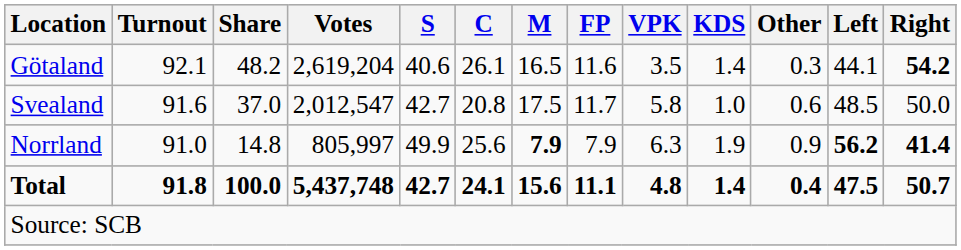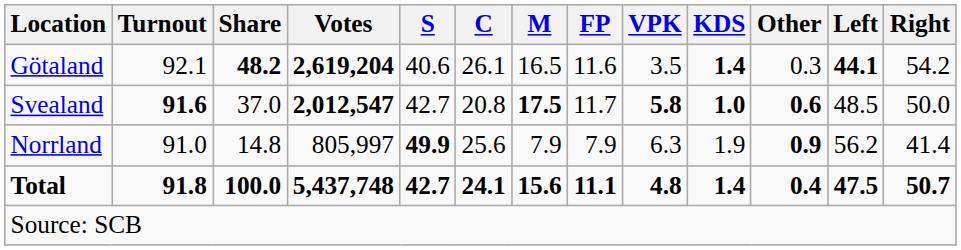 <table class="wikitable sortable" style=text-align:right>
 <tr>
 <th>Location</th>
 <th>Turnout</th>
 <th>Share</th>
 <th>Votes</th>
 <th><a href='#'>S</a></th>
 <th><a href='#'>C</a></th>
 <th><a href='#'>M</a></th>
 <th><a href='#'>FP</a></th>
 <th><a href='#'>VPK</a></th>
 <th><a href='#'>KDS</a></th>
 <th>Other</th>
 <th>Left</th>
 <th>Right</th>
 </tr>
 <tr>
 <td align=left><a href='#'>Götaland</a></td>
 <td>92.1</td>
-<td>48.2</td>
-<td>2,619,204</td>
+<td><strong>48.2</strong></td>
+<td><strong>2,619,204</strong></td>
 <td>40.6</td>
 <td>26.1</td>
 <td>16.5</td>
 <td>11.6</td>
 <td>3.5</td>
-<td>1.4</td>
+<td><strong>1.4</strong></td>
 <td>0.3</td>
-<td>44.1</td>
-<td><strong>54.2</strong></td>
+<td><strong>44.1</strong></td>
+<td>54.2</td>
 </tr>
 <tr>
 <td align=left><a href='#'>Svealand</a></td>
-<td>91.6</td>
+<td><strong>91.6</strong></td>
 <td>37.0</td>
-<td>2,012,547</td>
+<td><strong>2,012,547</strong></td>
 <td>42.7</td>
 <td>20.8</td>
-<td>17.5</td>
+<td><strong>17.5</strong></td>
 <td>11.7</td>
-<td>5.8</td>
-<td>1.0</td>
-<td>0.6</td>
+<td><strong>5.8</strong></td>
+<td><strong>1.0</strong></td>
+<td><strong>0.6</strong></td>
 <td>48.5</td>
 <td>50.0</td>
 </tr>
 <tr>
 <td align=left><a href='#'>Norrland</a></td>
 <td>91.0</td>
 <td>14.8</td>
 <td>805,997</td>
-<td>49.9</td>
+<td><strong>49.9</strong></td>
 <td>25.6</td>
-<td><strong>7.9</strong></td>
+<td>7.9</td>
 <td>7.9</td>
 <td>6.3</td>
 <td>1.9</td>
-<td>0.9</td>
-<td><strong>56.2</strong></td>
-<td><strong>41.4</strong></td>
+<td><strong>0.9</strong></td>
+<td>56.2</td>
+<td>41.4</td>
 </tr>
 <tr>
 <td align=left><strong>Total</strong></td>
 <td><strong>91.8</strong></td>
 <td><strong>100.0</strong></td>
 <td><strong>5,437,748</strong></td>
 <td><strong>42.7</strong></td>
 <td><strong>24.1</strong></td>
 <td><strong>15.6</strong></td>
 <td><strong>11.1</strong></td>
 <td><strong>4.8</strong></td>
 <td><strong>1.4</strong></td>
 <td><strong>0.4</strong></td>
 <td><strong>47.5</strong></td>
 <td><strong>50.7</strong></td>
 </tr>
 <tr>
 <td align=left colspan=14>Source: SCB </td>
 </tr>
 </table>
